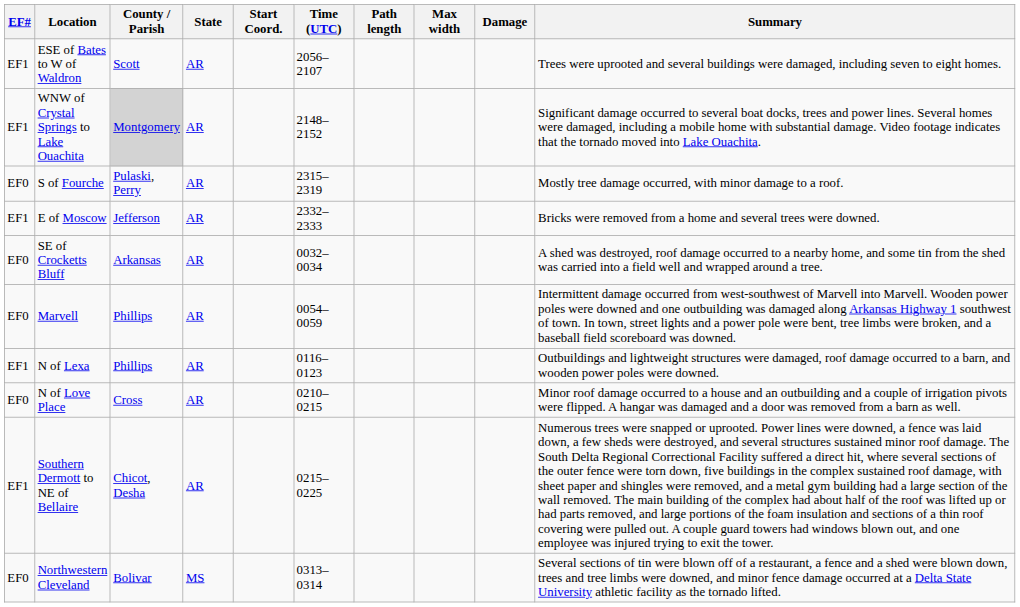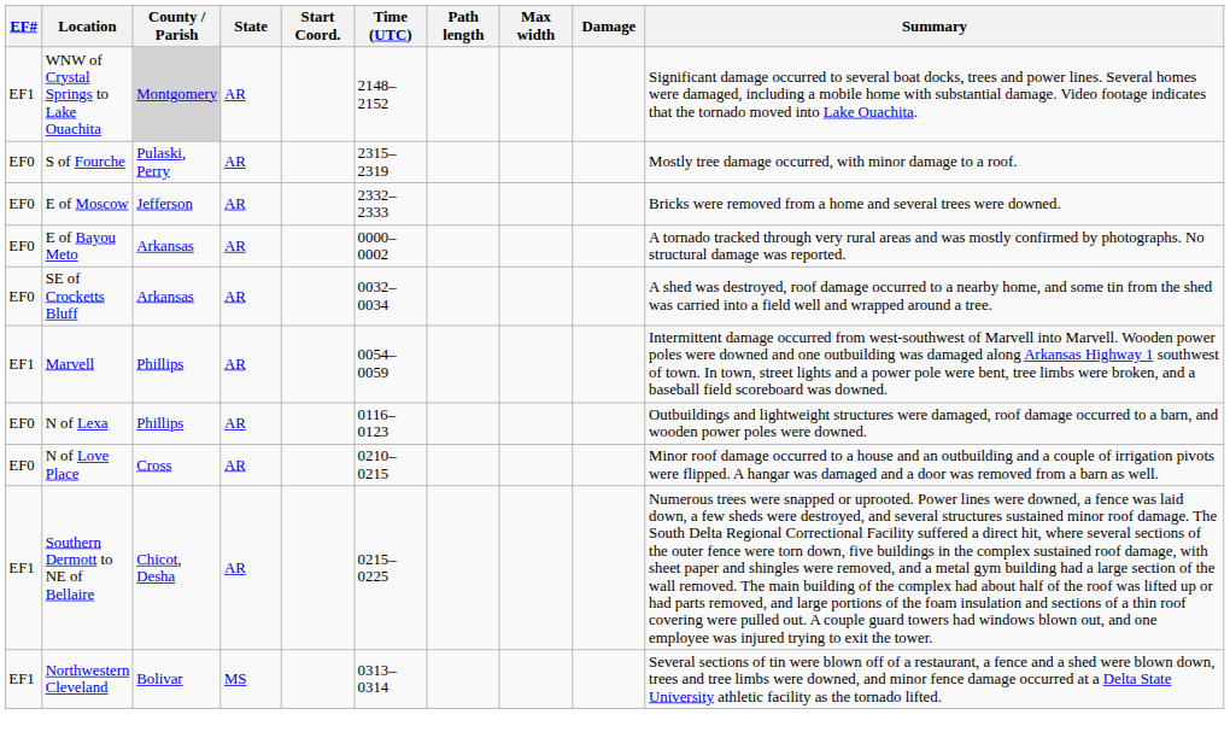 <table class="wikitable sortable" style="width:100%;">
 <tr>
 <th scope="col"  style="width:3%; text-align:center;"><a href='#'>EF#</a></th>
 <th scope="col"  style="width:7%; text-align:center;" class="unsortable">Location</th>
 <th scope="col"  style="width:6%; text-align:center;" class="unsortable">County / Parish</th>
 <th scope="col"  style="width:5%; text-align:center;">State</th>
 <th scope="col"  style="width:6%; text-align:center;">Start Coord.</th>
 <th scope="col"  style="width:6%; text-align:center;">Time (<a href='#'>UTC</a>)</th>
 <th scope="col"  style="width:6%; text-align:center;">Path length</th>
 <th scope="col"  style="width:6%; text-align:center;">Max width</th>
 <th scope="col"  style="width:6%; text-align:center;">Damage</th>
 <th scope="col" class="unsortable" style="width:48%; text-align:center;">Summary</th>
-</tr>
-<tr>
-<td>EF1</td>
-<td>ESE of <a href='#'>Bates</a> to W of <a href='#'>Waldron</a></td>
-<td><a href='#'>Scott</a></td>
-<td><a href='#'>AR</a></td>
-<td></td>
-<td>2056–2107</td>
-<td></td>
-<td></td>
-<td></td>
-<td>Trees were uprooted and several buildings were damaged, including seven to eight homes.</td>
 </tr>
 <tr>
 <td>EF1</td>
 <td>WNW of <a href='#'>Crystal Springs</a> to <a href='#'>Lake Ouachita</a></td>
 <td style="background: lightgrey;"><a href='#'>Montgomery</a></td>
 <td><a href='#'>AR</a></td>
 <td></td>
 <td>2148–2152</td>
 <td></td>
 <td></td>
 <td></td>
 <td>Significant damage occurred to several boat docks, trees and power lines. Several homes were damaged, including a mobile home with substantial damage. Video footage indicates that the tornado moved into <a href='#'>Lake Ouachita</a>.</td>
 </tr>
 <tr>
 <td>EF0</td>
 <td>S of <a href='#'>Fourche</a></td>
 <td><a href='#'>Pulaski</a>, <a href='#'>Perry</a></td>
 <td><a href='#'>AR</a></td>
 <td></td>
 <td>2315–2319</td>
 <td></td>
 <td></td>
 <td></td>
 <td>Mostly tree damage occurred, with minor damage to a roof.</td>
 </tr>
 <tr>
-<td>EF1</td>
+<td>EF0</td>
 <td>E of <a href='#'>Moscow</a></td>
 <td><a href='#'>Jefferson</a></td>
 <td><a href='#'>AR</a></td>
 <td></td>
 <td>2332–2333</td>
 <td></td>
 <td></td>
 <td></td>
 <td>Bricks were removed from a home and several trees were downed.</td>
+</tr>
+<tr>
+<td>EF0</td>
+<td>E of <a href='#'>Bayou Meto</a></td>
+<td><a href='#'>Arkansas</a></td>
+<td><a href='#'>AR</a></td>
+<td></td>
+<td>0000–0002</td>
+<td></td>
+<td></td>
+<td></td>
+<td>A tornado tracked through very rural areas and was mostly confirmed by photographs. No structural damage was reported.</td>
 </tr>
 <tr>
 <td>EF0</td>
 <td>SE of <a href='#'>Crocketts Bluff</a></td>
 <td><a href='#'>Arkansas</a></td>
 <td><a href='#'>AR</a></td>
 <td></td>
 <td>0032–0034</td>
 <td></td>
 <td></td>
 <td></td>
 <td>A shed was destroyed, roof damage occurred to a nearby home, and some tin from the shed was carried into a field well and wrapped around a tree.</td>
 </tr>
 <tr>
-<td>EF0</td>
+<td>EF1</td>
 <td><a href='#'>Marvell</a></td>
 <td><a href='#'>Phillips</a></td>
 <td><a href='#'>AR</a></td>
 <td></td>
 <td>0054–0059</td>
 <td></td>
 <td></td>
 <td></td>
 <td>Intermittent damage occurred from west-southwest of Marvell into Marvell. Wooden power poles were downed and one outbuilding was damaged along <a href='#'>Arkansas Highway 1</a> southwest of town. In town, street lights and a power pole were bent, tree limbs were broken, and a baseball field scoreboard was downed.</td>
 </tr>
 <tr>
-<td>EF1</td>
+<td>EF0</td>
 <td>N of <a href='#'>Lexa</a></td>
 <td><a href='#'>Phillips</a></td>
 <td><a href='#'>AR</a></td>
 <td></td>
 <td>0116–0123</td>
 <td></td>
 <td></td>
 <td></td>
 <td>Outbuildings and lightweight structures were damaged, roof damage occurred to a barn, and wooden power poles were downed.</td>
 </tr>
 <tr>
 <td>EF0</td>
 <td>N of <a href='#'>Love Place</a></td>
 <td><a href='#'>Cross</a></td>
 <td><a href='#'>AR</a></td>
 <td></td>
 <td>0210–0215</td>
 <td></td>
 <td></td>
 <td></td>
 <td>Minor roof damage occurred to a house and an outbuilding and a couple of irrigation pivots were flipped. A hangar was damaged and a door was removed from a barn as well.</td>
 </tr>
 <tr>
 <td>EF1</td>
 <td><a href='#'>Southern Dermott</a> to NE of <a href='#'>Bellaire</a></td>
 <td><a href='#'>Chicot</a>, <a href='#'>Desha</a></td>
 <td><a href='#'>AR</a></td>
 <td></td>
 <td>0215–0225</td>
 <td></td>
 <td></td>
 <td></td>
 <td>Numerous trees were snapped or uprooted. Power lines were downed, a fence was laid down, a few sheds were destroyed, and several structures sustained minor roof damage. The South Delta Regional Correctional Facility suffered a direct hit, where several sections of the outer fence were torn down, five buildings in the complex sustained roof damage, with sheet paper and shingles were removed, and a metal gym building had a large section of the wall removed. The main building of the complex had about half of the roof was lifted up or had parts removed, and large portions of the foam insulation and sections of a thin roof covering were pulled out. A couple guard towers had windows blown out, and one employee was injured trying to exit the tower.</td>
 </tr>
 <tr>
-<td>EF0</td>
+<td>EF1</td>
 <td><a href='#'>Northwestern Cleveland</a></td>
 <td><a href='#'>Bolivar</a></td>
 <td><a href='#'>MS</a></td>
 <td></td>
 <td>0313–0314</td>
 <td></td>
 <td></td>
 <td></td>
 <td>Several sections of tin were blown off of a restaurant, a fence and a shed were blown down, trees and tree limbs were downed, and minor fence damage occurred at a <a href='#'>Delta State University</a> athletic facility as the tornado lifted.</td>
 </tr>
 </table>
